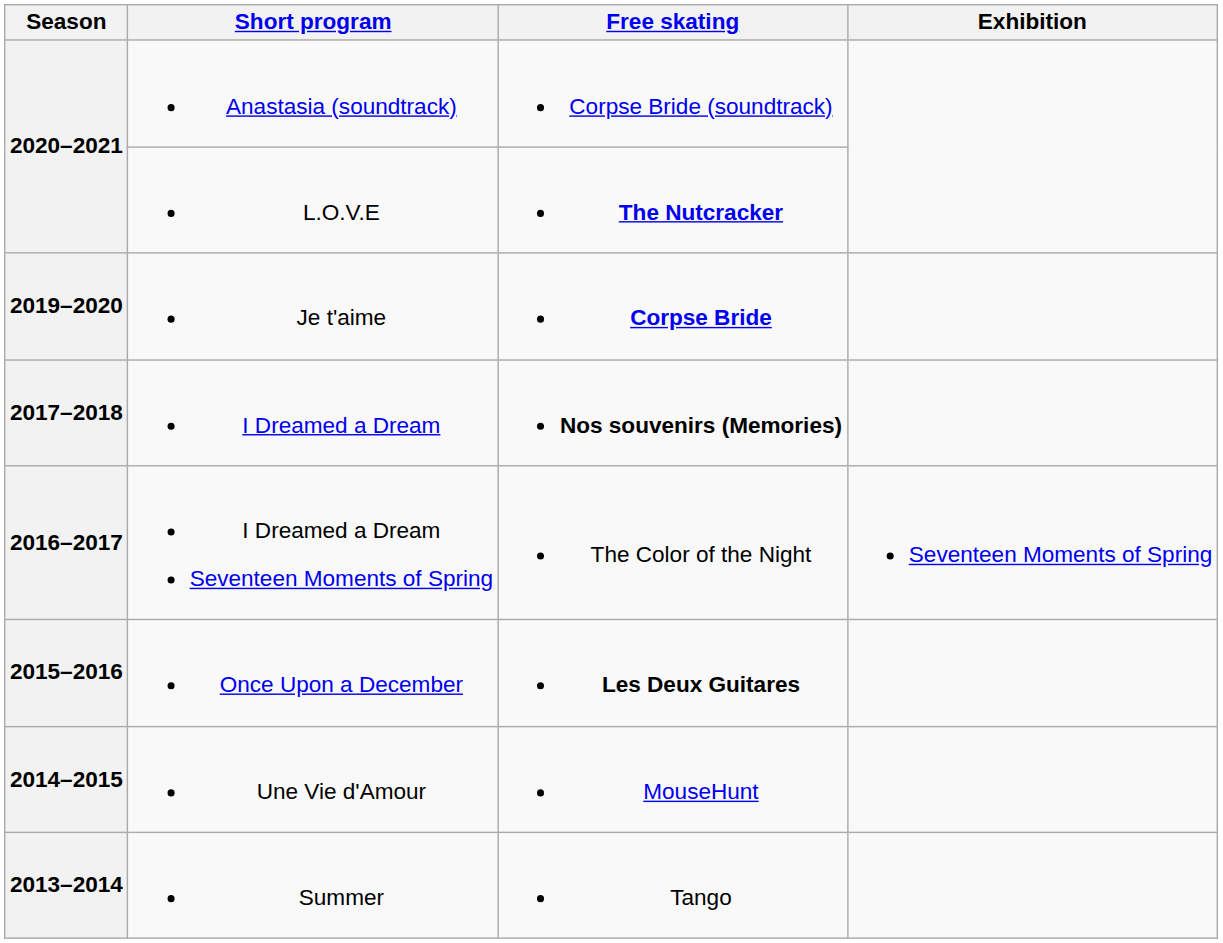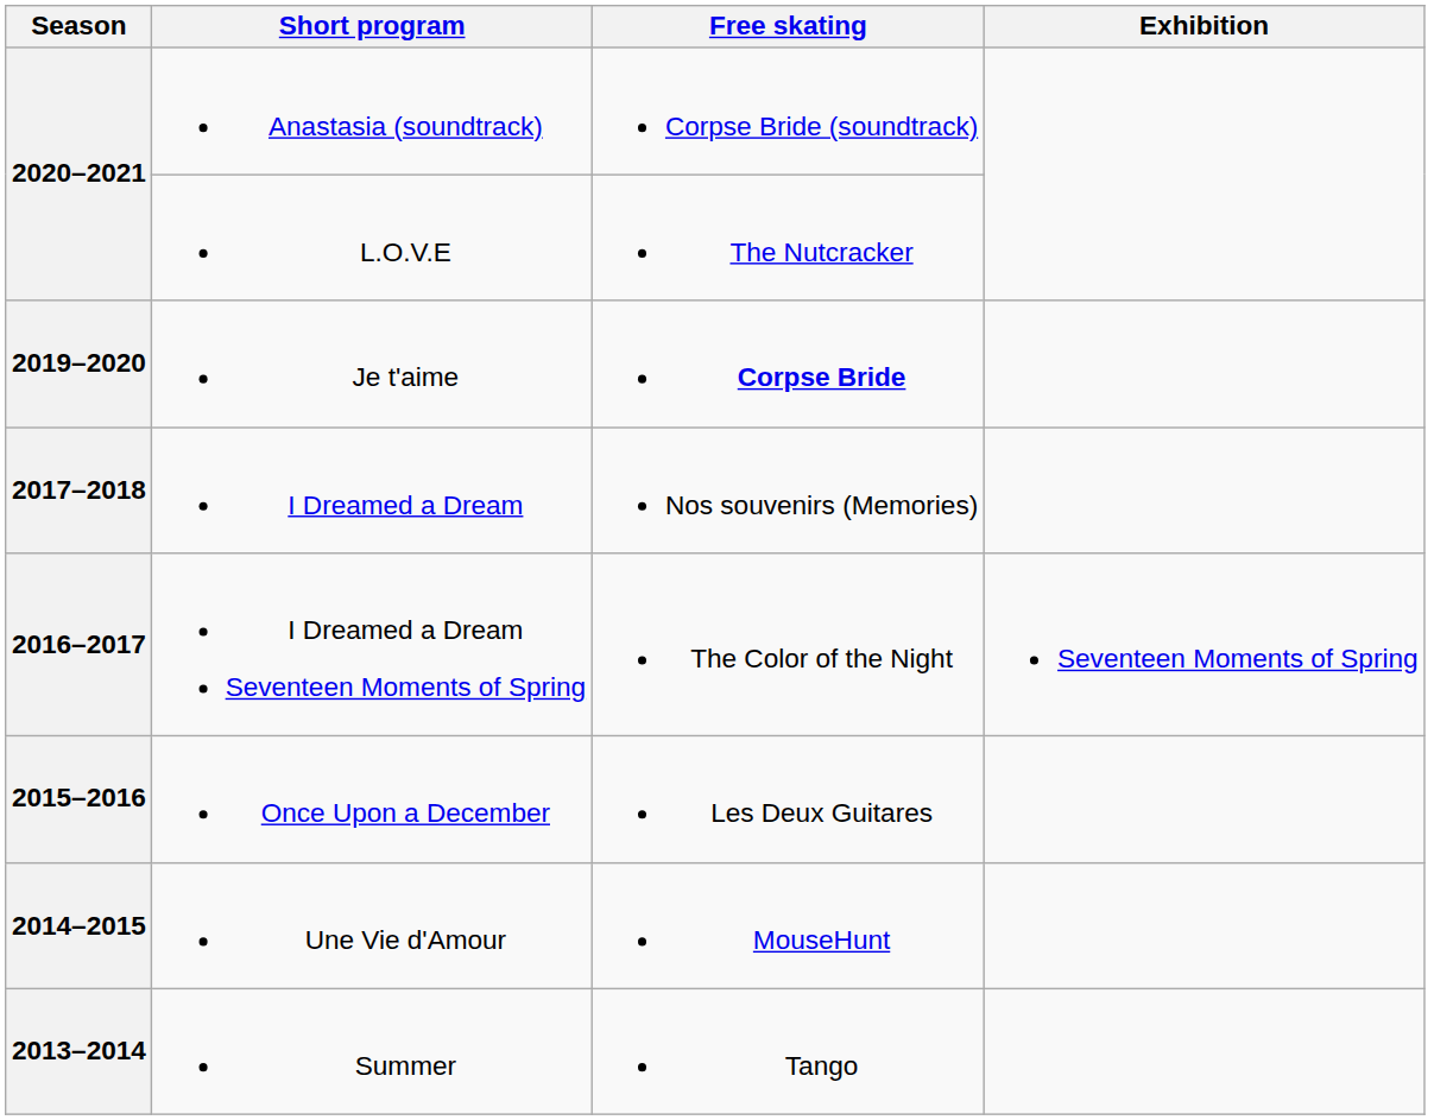 <table class=wikitable style=text-align:center>
 <tr>
 <th>Season</th>
 <th><a href='#'>Short program</a></th>
 <th><a href='#'>Free skating</a></th>
 <th>Exhibition</th>
 </tr>
 <tr>
 <th rowspan="2">2020–2021<br></th>
 <td><br><ul><li><a href='#'>Anastasia (soundtrack)</a></li></ul></td>
 <td><br><ul><li><a href='#'>Corpse Bride (soundtrack)</a></li></ul></td>
 <td rowspan="2"></td>
 </tr>
 <tr>
 <td><br><ul><li>L.O.V.E <br></li></ul></td>
-<td><strong><br><ul><li><a href='#'>The Nutcracker</a> <br></li></ul></strong></td>
+<td><br><ul><li><a href='#'>The Nutcracker</a> <br></li></ul></td>
 </tr>
 <tr>
 <th>2019–2020</th>
 <td><br><ul><li>Je t'aime <br></li></ul></td>
 <td><strong><br><ul><li><a href='#'>Corpse Bride</a> <br></li></ul></strong></td>
 <td></td>
 </tr>
 <tr>
 <th>2017–2018 <br> </th>
 <td><br><ul><li><a href='#'>I Dreamed a Dream</a> <br></li></ul></td>
-<td><strong><br><ul><li>Nos souvenirs (Memories) <br></li></ul></strong></td>
+<td><br><ul><li>Nos souvenirs (Memories) <br></li></ul></td>
 <td></td>
 </tr>
 <tr>
 <th>2016–2017 <br> </th>
 <td><br><ul><li>I Dreamed a Dream <br></li></ul><ul><li><a href='#'>Seventeen Moments of Spring</a> <br></li></ul></td>
 <td><br><ul><li>The Color of the Night <br></li></ul></td>
 <td><br><ul><li><a href='#'>Seventeen Moments of Spring</a> <br></li></ul></td>
 </tr>
 <tr>
 <th>2015–2016 <br></th>
 <td><br><ul><li><a href='#'>Once Upon a December</a> <br> </li></ul></td>
-<td><strong><br><ul><li>Les Deux Guitares <br></li></ul></strong></td>
+<td><br><ul><li>Les Deux Guitares <br></li></ul></td>
 <td></td>
 </tr>
 <tr>
 <th>2014–2015 <br></th>
 <td><br><ul><li>Une Vie d'Amour <br></li></ul></td>
 <td><br><ul><li><a href='#'>MouseHunt</a> <br></li></ul></td>
 <td></td>
 </tr>
 <tr>
 <th>2013–2014 <br></th>
 <td><br><ul><li>Summer <br></li></ul></td>
 <td><br><ul><li>Tango <br></li></ul></td>
 <td></td>
 </tr>
 </table>
